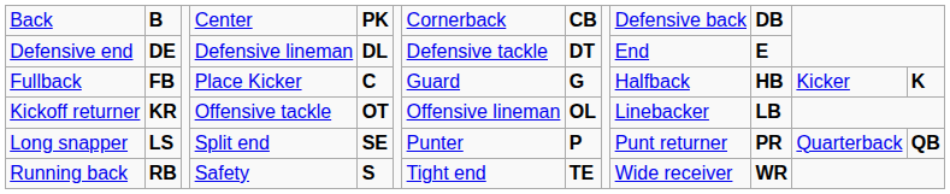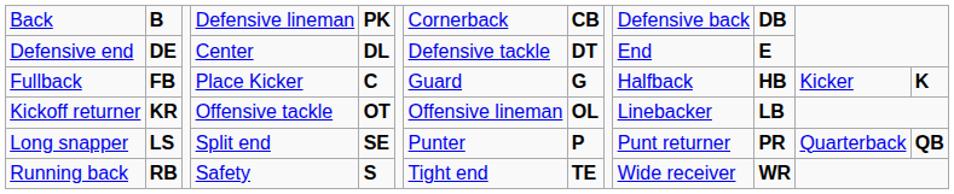 <table class="wikitable">
 <tr style="text-align:center; ">
 </tr>
 <tr>
 <td><a href='#'>Back</a></td>
 <td><strong>B</strong></td>
 <td rowSpan="6" style="text-align:center; "></td>
-<td><a href='#'>Center</a></td>
+<td><a href='#'>Defensive lineman</a></td>
 <td><strong>PK</strong></td>
 <td rowSpan="6" style="text-align:center; "></td>
 <td><a href='#'>Cornerback</a></td>
 <td><strong>CB</strong></td>
 <td rowSpan="6" style="text-align:center; "></td>
 <td><a href='#'>Defensive back</a></td>
 <td><strong>DB</strong></td>
 </tr>
 <tr>
 <td><a href='#'>Defensive end</a></td>
 <td><strong>DE</strong></td>
-<td><a href='#'>Defensive lineman</a></td>
+<td><a href='#'>Center</a></td>
 <td><strong>DL</strong></td>
 <td><a href='#'>Defensive tackle</a></td>
 <td><strong>DT</strong></td>
 <td><a href='#'>End</a></td>
 <td><strong>E</strong></td>
 </tr>
 <tr>
 <td><a href='#'>Fullback</a></td>
 <td><strong>FB</strong></td>
 <td><a href='#'>Place Kicker</a></td>
 <td><strong>C</strong></td>
 <td><a href='#'>Guard</a></td>
 <td><strong>G</strong></td>
 <td><a href='#'>Halfback</a></td>
 <td><strong>HB</strong></td>
 <td><a href='#'>Kicker</a></td>
 <td><strong>K</strong></td>
 </tr>
 <tr>
 <td><a href='#'>Kickoff returner</a></td>
 <td><strong>KR</strong></td>
 <td><a href='#'>Offensive tackle</a></td>
 <td><strong>OT</strong></td>
 <td><a href='#'>Offensive lineman</a></td>
 <td><strong>OL</strong></td>
 <td><a href='#'>Linebacker</a></td>
 <td><strong>LB</strong></td>
 </tr>
 <tr>
 <td><a href='#'>Long snapper</a></td>
 <td><strong>LS</strong></td>
 <td><a href='#'>Split end</a></td>
 <td><strong>SE</strong></td>
 <td><a href='#'>Punter</a></td>
 <td><strong>P</strong></td>
 <td><a href='#'>Punt returner</a></td>
 <td><strong>PR</strong></td>
 <td><a href='#'>Quarterback</a></td>
 <td><strong>QB</strong></td>
 </tr>
 <tr>
 <td><a href='#'>Running back</a></td>
 <td><strong>RB</strong></td>
 <td><a href='#'>Safety</a></td>
 <td><strong>S</strong></td>
 <td><a href='#'>Tight end</a></td>
 <td><strong>TE</strong></td>
 <td><a href='#'>Wide receiver</a></td>
 <td><strong>WR</strong></td>
 </tr>
 </table>
